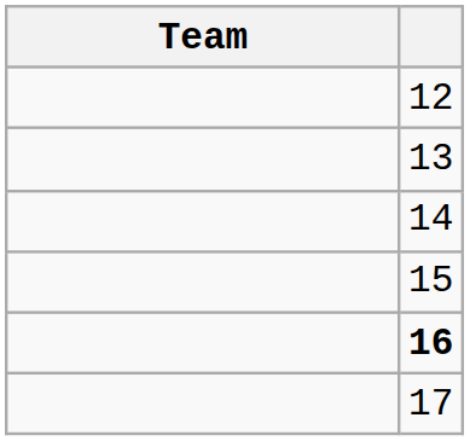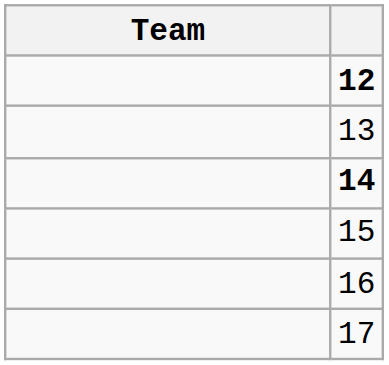 <table class="wikitable" style="white-space:nowrap; display:inline-table; float:left;">
 <tr>
 <th style="width:130px">Team</th>
 <th></th>
 </tr>
 <tr>
 <td></td>
-<td style="text-align:center">12</td>
+<td style="text-align:center"><strong>12</strong></td>
 </tr>
 <tr>
 <td></td>
 <td style="text-align:center">13</td>
 </tr>
 <tr>
 <td></td>
-<td style="text-align:center">14</td>
+<td style="text-align:center"><strong>14</strong></td>
 </tr>
 <tr>
 <td></td>
 <td style="text-align:center">15</td>
 </tr>
 <tr>
 <td></td>
-<td style="text-align:center"><strong>16</strong></td>
+<td style="text-align:center">16</td>
 </tr>
 <tr>
 <td></td>
 <td style="text-align:center">17</td>
 </tr>
 </table>
